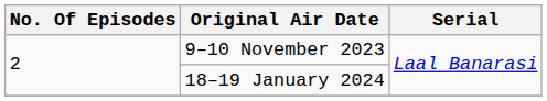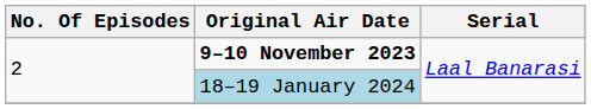 <table class="wikitable sortable">
 <tr>
 <th>No. Of Episodes</th>
 <th>Original Air Date</th>
 <th>Serial</th>
 </tr>
 <tr>
 <td rowspan="2">2</td>
-<td>9–10 November 2023</td>
+<td><strong>9–10 November 2023</strong></td>
 <td rowspan="2"><em><a href='#'>Laal Banarasi</a></em></td>
 </tr>
 <tr>
-<td>18–19 January 2024</td>
+<td style="background: lightblue;">18–19 January 2024</td>
 </tr>
 <tr>
 </tr>
 </table>
